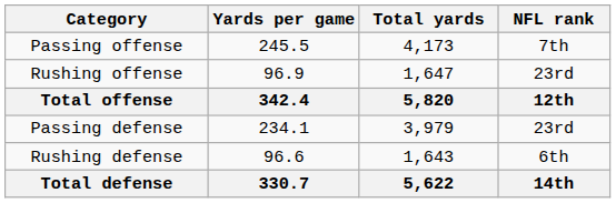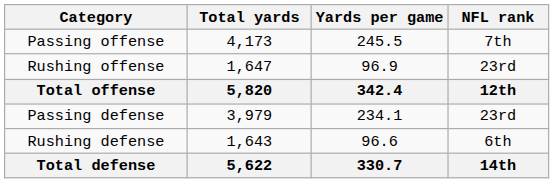 <table class="wikitable" style="text-align:center">
 <tr>
 <th width="150">Category</th>
+<th width="100">Total yards</th>
 <th width="110">Yards per game</th>
-<th width="100">Total yards</th>
 <th width="80">NFL rank<br></th>
 </tr>
 <tr>
 <td>Passing offense</td>
+<td>4,173</td>
 <td>245.5</td>
-<td>4,173</td>
 <td>7th</td>
 </tr>
 <tr>
 <td>Rushing offense</td>
+<td>1,647</td>
 <td>96.9</td>
-<td>1,647</td>
 <td>23rd</td>
 </tr>
 <tr>
 <th>Total offense</th>
+<th>5,820</th>
 <th>342.4</th>
-<th>5,820</th>
 <th>12th</th>
 </tr>
 <tr>
 <td>Passing defense</td>
+<td>3,979</td>
 <td>234.1</td>
-<td>3,979</td>
 <td>23rd</td>
 </tr>
 <tr>
 <td>Rushing defense</td>
+<td>1,643</td>
 <td>96.6</td>
-<td>1,643</td>
 <td>6th</td>
 </tr>
 <tr>
 <th>Total defense</th>
+<th>5,622</th>
 <th>330.7</th>
-<th>5,622</th>
 <th>14th</th>
 </tr>
 </table>
